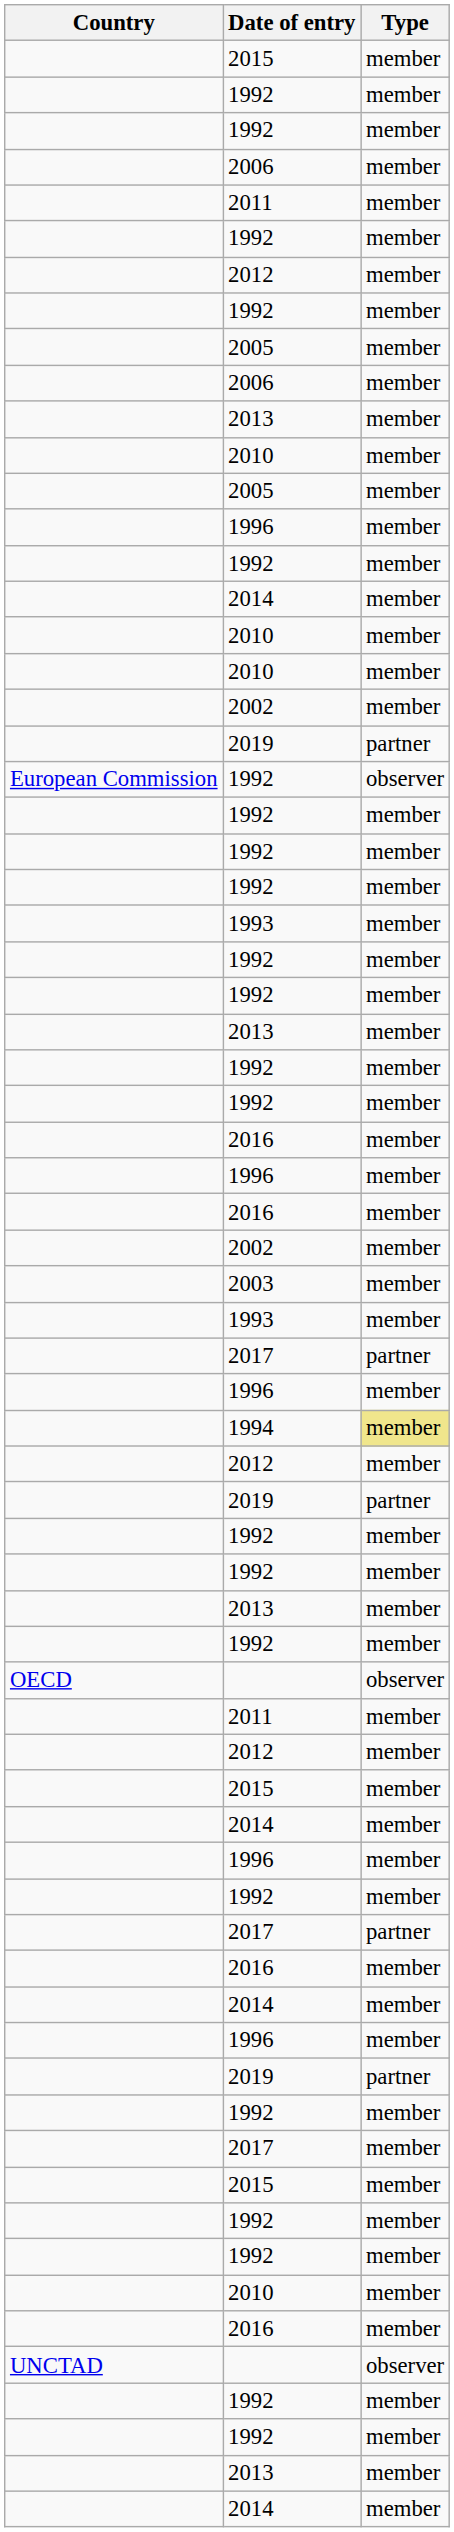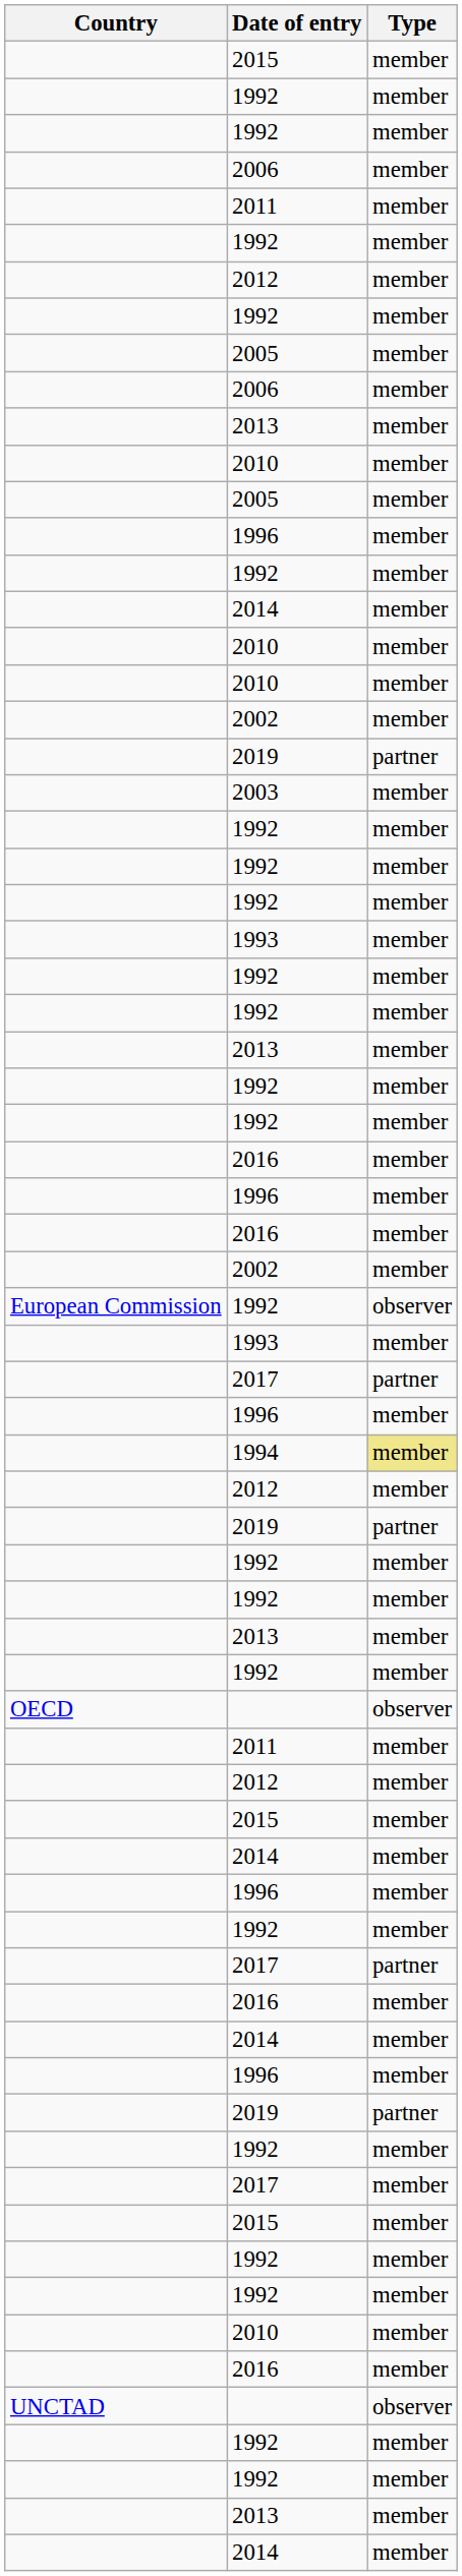 <table class="wikitable sortable" style="font-variant-numeric:tabular-nums">
 <tr>
 <th>Country</th>
 <th>Date of entry</th>
 <th>Type</th>
 </tr>
 <tr>
 <td></td>
 <td>2015</td>
 <td>member</td>
 </tr>
 <tr>
 <td></td>
 <td>1992</td>
 <td>member</td>
 </tr>
 <tr>
 <td></td>
 <td>1992</td>
 <td>member</td>
 </tr>
 <tr>
 <td></td>
 <td>2006</td>
 <td>member</td>
 </tr>
 <tr>
 <td></td>
 <td>2011</td>
 <td>member</td>
 </tr>
 <tr>
 <td></td>
 <td>1992</td>
 <td>member</td>
 </tr>
 <tr>
 <td></td>
 <td>2012</td>
 <td>member</td>
 </tr>
 <tr>
 <td></td>
 <td>1992</td>
 <td>member</td>
 </tr>
 <tr>
 <td></td>
 <td>2005</td>
 <td>member</td>
 </tr>
 <tr>
 <td></td>
 <td>2006</td>
 <td>member</td>
 </tr>
 <tr>
 <td></td>
 <td>2013</td>
 <td>member</td>
 </tr>
 <tr>
 <td></td>
 <td>2010</td>
 <td>member</td>
 </tr>
 <tr>
 <td></td>
 <td>2005</td>
 <td>member</td>
 </tr>
 <tr>
 <td></td>
 <td>1996</td>
 <td>member</td>
 </tr>
 <tr>
 <td></td>
 <td>1992</td>
 <td>member</td>
 </tr>
 <tr>
 <td></td>
 <td>2014</td>
 <td>member</td>
 </tr>
 <tr>
 <td></td>
 <td>2010</td>
 <td>member</td>
 </tr>
 <tr>
 <td></td>
 <td>2010</td>
 <td>member</td>
 </tr>
 <tr>
 <td></td>
 <td>2002</td>
 <td>member</td>
 </tr>
 <tr>
 <td></td>
 <td>2019</td>
 <td>partner</td>
 </tr>
 <tr>
-<td><a href='#'>European Commission</a></td>
-<td>1992</td>
-<td>observer</td>
+<td></td>
+<td>2003</td>
+<td>member</td>
 </tr>
 <tr>
 <td></td>
 <td>1992</td>
 <td>member</td>
 </tr>
 <tr>
 <td></td>
 <td>1992</td>
 <td>member</td>
 </tr>
 <tr>
 <td></td>
 <td>1992</td>
 <td>member</td>
 </tr>
 <tr>
 <td></td>
 <td>1993</td>
 <td>member</td>
 </tr>
 <tr>
 <td></td>
 <td>1992</td>
 <td>member</td>
 </tr>
 <tr>
 <td></td>
 <td>1992</td>
 <td>member</td>
 </tr>
 <tr>
 <td></td>
 <td>2013</td>
 <td>member</td>
 </tr>
 <tr>
 <td></td>
 <td>1992</td>
 <td>member</td>
 </tr>
 <tr>
 <td></td>
 <td>1992</td>
 <td>member</td>
 </tr>
 <tr>
 <td></td>
 <td>2016</td>
 <td>member</td>
 </tr>
 <tr>
 <td></td>
 <td>1996</td>
 <td>member</td>
 </tr>
 <tr>
 <td></td>
 <td>2016</td>
 <td>member</td>
 </tr>
 <tr>
 <td></td>
 <td>2002</td>
 <td>member</td>
 </tr>
 <tr>
-<td></td>
-<td>2003</td>
-<td>member</td>
+<td><a href='#'>European Commission</a></td>
+<td>1992</td>
+<td>observer</td>
 </tr>
 <tr>
 <td></td>
 <td>1993</td>
 <td>member</td>
 </tr>
 <tr>
 <td></td>
 <td>2017</td>
 <td>partner</td>
 </tr>
 <tr>
 <td></td>
 <td>1996</td>
 <td>member</td>
 </tr>
 <tr>
 <td></td>
 <td>1994</td>
 <td style="background: khaki;">member</td>
 </tr>
 <tr>
 <td></td>
 <td>2012</td>
 <td>member</td>
 </tr>
 <tr>
 <td></td>
 <td>2019</td>
 <td>partner</td>
 </tr>
 <tr>
 <td></td>
 <td>1992</td>
 <td>member</td>
 </tr>
 <tr>
 <td></td>
 <td>1992</td>
 <td>member</td>
 </tr>
 <tr>
 <td></td>
 <td>2013</td>
 <td>member</td>
 </tr>
 <tr>
 <td></td>
 <td>1992</td>
 <td>member</td>
 </tr>
 <tr>
 <td><a href='#'>OECD</a></td>
 <td></td>
 <td>observer</td>
 </tr>
 <tr>
 <td></td>
 <td>2011</td>
 <td>member</td>
 </tr>
 <tr>
 <td></td>
 <td>2012</td>
 <td>member</td>
 </tr>
 <tr>
 <td></td>
 <td>2015</td>
 <td>member</td>
 </tr>
 <tr>
 <td></td>
 <td>2014</td>
 <td>member</td>
 </tr>
 <tr>
 <td></td>
 <td>1996</td>
 <td>member</td>
 </tr>
 <tr>
 <td></td>
 <td>1992</td>
 <td>member</td>
 </tr>
 <tr>
 <td></td>
 <td>2017</td>
 <td>partner</td>
 </tr>
 <tr>
 <td></td>
 <td>2016</td>
 <td>member</td>
 </tr>
 <tr>
 <td></td>
 <td>2014</td>
 <td>member</td>
 </tr>
 <tr>
 <td></td>
 <td>1996</td>
 <td>member</td>
 </tr>
 <tr>
 <td></td>
 <td>2019</td>
 <td>partner</td>
 </tr>
 <tr>
 <td></td>
 <td>1992</td>
 <td>member</td>
 </tr>
 <tr>
 <td></td>
 <td>2017</td>
 <td>member</td>
 </tr>
 <tr>
 <td></td>
 <td>2015</td>
 <td>member</td>
 </tr>
 <tr>
 <td></td>
 <td>1992</td>
 <td>member</td>
 </tr>
 <tr>
 <td></td>
 <td>1992</td>
 <td>member</td>
 </tr>
 <tr>
 <td></td>
 <td>2010</td>
 <td>member</td>
 </tr>
 <tr>
 <td></td>
 <td>2016</td>
 <td>member</td>
 </tr>
 <tr>
 <td><a href='#'>UNCTAD</a></td>
 <td></td>
 <td>observer</td>
 </tr>
 <tr>
 <td></td>
 <td>1992</td>
 <td>member</td>
 </tr>
 <tr>
 <td></td>
 <td>1992</td>
 <td>member</td>
 </tr>
 <tr>
 <td></td>
 <td>2013</td>
 <td>member</td>
 </tr>
 <tr>
 <td></td>
 <td>2014</td>
 <td>member</td>
 </tr>
 </table>
